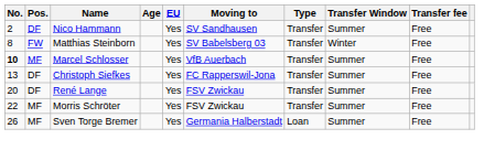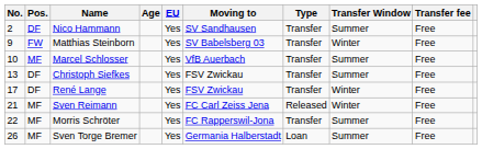 <table class="wikitable" Style="font-size:90%">
 <tr>
 <th>No.</th>
 <th>Pos.</th>
 <th>Name</th>
 <th>Age</th>
 <th><a href='#'>EU</a></th>
 <th>Moving to</th>
 <th>Type</th>
 <th>Transfer Window</th>
 <th>Transfer fee</th>
 <th></th>
 </tr>
 <tr>
 <td>2</td>
 <td><a href='#'>DF</a></td>
 <td> <a href='#'>Nico Hammann</a></td>
 <td></td>
 <td>Yes</td>
 <td><a href='#'>SV Sandhausen</a></td>
 <td>Transfer</td>
 <td>Summer</td>
 <td>Free</td>
 <td></td>
 </tr>
 <tr>
-<td>8</td>
+<td>9</td>
 <td><a href='#'>FW</a></td>
 <td> Matthias Steinborn</td>
 <td></td>
 <td>Yes</td>
 <td><a href='#'>SV Babelsberg 03</a></td>
 <td>Transfer</td>
 <td>Winter</td>
 <td>Free</td>
 <td></td>
 </tr>
 <tr>
-<td><strong>10</strong></td>
+<td>10</td>
 <td><a href='#'>MF</a></td>
 <td> <a href='#'>Marcel Schlosser</a></td>
 <td></td>
 <td>Yes</td>
 <td><a href='#'>VfB Auerbach</a></td>
 <td>Transfer</td>
 <td>Summer</td>
 <td>Free</td>
 <td></td>
 </tr>
 <tr>
 <td>13</td>
 <td>DF</td>
 <td> <a href='#'>Christoph Siefkes</a></td>
 <td></td>
 <td>Yes</td>
-<td><a href='#'>FC Rapperswil-Jona</a></td>
+<td>FSV Zwickau</td>
 <td>Transfer</td>
 <td>Summer</td>
 <td>Free</td>
 <td></td>
 </tr>
 <tr>
-<td>20</td>
+<td>17</td>
 <td>DF</td>
 <td> <a href='#'>René Lange</a></td>
 <td></td>
 <td>Yes</td>
 <td><a href='#'>FSV Zwickau</a></td>
 <td>Transfer</td>
-<td>Summer</td>
+<td>Winter</td>
+<td>Free</td>
+<td></td>
+</tr>
+<tr>
+<td>21</td>
+<td>MF</td>
+<td> <a href='#'>Sven Reimann</a></td>
+<td></td>
+<td>Yes</td>
+<td><a href='#'>FC Carl Zeiss Jena</a></td>
+<td>Released</td>
+<td>Winter</td>
 <td>Free</td>
 <td></td>
 </tr>
 <tr>
 <td>22</td>
 <td>MF</td>
 <td> Morris Schröter</td>
 <td></td>
 <td>Yes</td>
-<td>FSV Zwickau</td>
+<td><a href='#'>FC Rapperswil-Jona</a></td>
 <td>Transfer</td>
 <td>Summer</td>
 <td>Free</td>
 <td></td>
 </tr>
 <tr>
 <td>26</td>
 <td>MF</td>
 <td> Sven Torge Bremer</td>
 <td></td>
 <td>Yes</td>
 <td><a href='#'>Germania Halberstadt</a></td>
 <td>Loan</td>
 <td>Summer</td>
 <td>Free</td>
 <td></td>
 </tr>
 </table>
